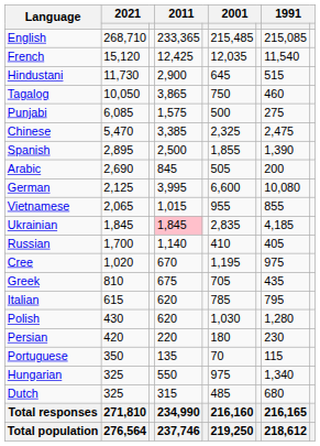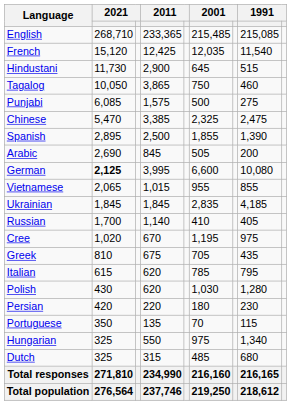 <table class="wikitable collapsible sortable">
 <tr>
 <th rowspan="2">Language</th>
 <th colspan="2">2021</th>
 <th colspan="2">2011</th>
 <th colspan="2">2001</th>
 <th colspan="2">1991</th>
 </tr>
 <tr>
 <th><a href='#'></a></th>
 <th></th>
 <th></th>
 <th></th>
 <th></th>
 <th></th>
 <th></th>
 <th></th>
 </tr>
 <tr>
 <td><a href='#'>English</a></td>
 <td>268,710</td>
 <td></td>
 <td>233,365</td>
 <td></td>
 <td>215,485</td>
 <td></td>
 <td>215,085</td>
 <td></td>
 </tr>
 <tr>
 <td><a href='#'>French</a></td>
 <td>15,120</td>
 <td></td>
 <td>12,425</td>
 <td></td>
 <td>12,035</td>
 <td></td>
 <td>11,540</td>
 <td></td>
 </tr>
 <tr>
 <td><a href='#'>Hindustani</a></td>
 <td>11,730</td>
 <td></td>
 <td>2,900</td>
 <td></td>
 <td>645</td>
 <td></td>
 <td>515</td>
 <td></td>
 </tr>
 <tr>
 <td><a href='#'>Tagalog</a></td>
 <td>10,050</td>
 <td></td>
 <td>3,865</td>
 <td></td>
 <td>750</td>
 <td></td>
 <td>460</td>
 <td></td>
 </tr>
 <tr>
 <td><a href='#'>Punjabi</a></td>
 <td>6,085</td>
 <td></td>
 <td>1,575</td>
 <td></td>
 <td>500</td>
 <td></td>
 <td>275</td>
 <td></td>
 </tr>
 <tr>
 <td><a href='#'>Chinese</a></td>
 <td>5,470</td>
 <td></td>
 <td>3,385</td>
 <td></td>
 <td>2,325</td>
 <td></td>
 <td>2,475</td>
 <td></td>
 </tr>
 <tr>
 <td><a href='#'>Spanish</a></td>
 <td>2,895</td>
 <td></td>
 <td>2,500</td>
 <td></td>
 <td>1,855</td>
 <td></td>
 <td>1,390</td>
 <td></td>
 </tr>
 <tr>
 <td><a href='#'>Arabic</a></td>
 <td>2,690</td>
 <td></td>
 <td>845</td>
 <td></td>
 <td>505</td>
 <td></td>
 <td>200</td>
 <td></td>
 </tr>
 <tr>
 <td><a href='#'>German</a></td>
-<td>2,125</td>
+<td><strong>2,125</strong></td>
 <td></td>
 <td>3,995</td>
 <td></td>
 <td>6,600</td>
 <td></td>
 <td>10,080</td>
 <td></td>
 </tr>
 <tr>
 <td><a href='#'>Vietnamese</a></td>
 <td>2,065</td>
 <td></td>
 <td>1,015</td>
 <td></td>
 <td>955</td>
 <td></td>
 <td>855</td>
 <td></td>
 </tr>
 <tr>
 <td><a href='#'>Ukrainian</a></td>
 <td>1,845</td>
 <td></td>
-<td style="background: pink;">1,845</td>
+<td>1,845</td>
 <td></td>
 <td>2,835</td>
 <td></td>
 <td>4,185</td>
 <td></td>
 </tr>
 <tr>
 <td><a href='#'>Russian</a></td>
 <td>1,700</td>
 <td></td>
 <td>1,140</td>
 <td></td>
 <td>410</td>
 <td></td>
 <td>405</td>
 <td></td>
 </tr>
 <tr>
 <td><a href='#'>Cree</a></td>
 <td>1,020</td>
 <td></td>
 <td>670</td>
 <td></td>
 <td>1,195</td>
 <td></td>
 <td>975</td>
 <td></td>
 </tr>
 <tr>
 <td><a href='#'>Greek</a></td>
 <td>810</td>
 <td></td>
 <td>675</td>
 <td></td>
 <td>705</td>
 <td></td>
 <td>435</td>
 <td></td>
 </tr>
 <tr>
 <td><a href='#'>Italian</a></td>
 <td>615</td>
 <td></td>
 <td>620</td>
 <td></td>
 <td>785</td>
 <td></td>
 <td>795</td>
 <td></td>
 </tr>
 <tr>
 <td><a href='#'>Polish</a></td>
 <td>430</td>
 <td></td>
 <td>620</td>
 <td></td>
 <td>1,030</td>
 <td></td>
 <td>1,280</td>
 <td></td>
 </tr>
 <tr>
 <td><a href='#'>Persian</a></td>
 <td>420</td>
 <td></td>
 <td>220</td>
 <td></td>
 <td>180</td>
 <td></td>
 <td>230</td>
 <td></td>
 </tr>
 <tr>
 <td><a href='#'>Portuguese</a></td>
 <td>350</td>
 <td></td>
 <td>135</td>
 <td></td>
 <td>70</td>
 <td></td>
 <td>115</td>
 <td></td>
 </tr>
 <tr>
 <td><a href='#'>Hungarian</a></td>
 <td>325</td>
 <td></td>
 <td>550</td>
 <td></td>
 <td>975</td>
 <td></td>
 <td>1,340</td>
 <td></td>
 </tr>
 <tr>
 <td><a href='#'>Dutch</a></td>
 <td>325</td>
 <td></td>
 <td>315</td>
 <td></td>
 <td>485</td>
 <td></td>
 <td>680</td>
 <td></td>
 </tr>
 <tr>
 <th>Total responses</th>
 <th>271,810</th>
 <th></th>
 <th>234,990</th>
 <th></th>
 <th>216,160</th>
 <th></th>
 <th>216,165</th>
 <th></th>
 </tr>
 <tr>
 <th>Total population</th>
 <th>276,564</th>
 <th></th>
 <th>237,746</th>
 <th></th>
 <th>219,250</th>
 <th></th>
 <th>218,612</th>
 <th></th>
 </tr>
 </table>
